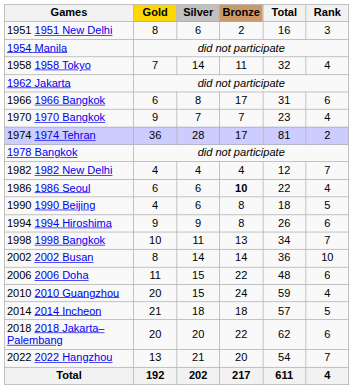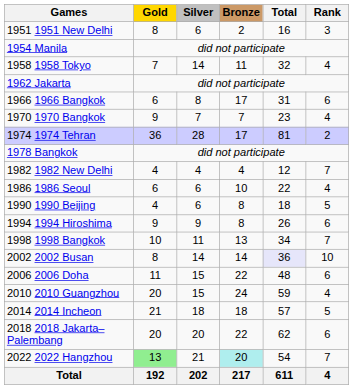 <table class="wikitable sortable" style="text-align:center;">
 <tr>
 <th width=180>Games</th>
 <th scope="col" style="background:gold; width:55px;">Gold</th>
 <th scope="col" style="background:silver; width:55px;">Silver</th>
 <th scope="col" style="background:#cc9966; width:55px;">Bronze</th>
 <th width=55>Total</th>
 <th width=55>Rank</th>
 </tr>
 <tr>
 <td align=left><span>1951</span> <a href='#'>1951 New Delhi</a></td>
 <td>8</td>
 <td>6</td>
 <td>2</td>
 <td>16</td>
 <td>3</td>
 </tr>
 <tr class="sortbottom">
 <td align=left> <a href='#'>1954 Manila</a></td>
 <td colspan=5><em>did not participate</em></td>
 </tr>
 <tr>
 <td align=left><span>1958</span> <a href='#'>1958 Tokyo</a></td>
 <td>7</td>
 <td>14</td>
 <td>11</td>
 <td>32</td>
 <td>4</td>
 </tr>
 <tr class="sortbottom">
 <td align=left> <a href='#'>1962 Jakarta</a></td>
 <td colspan=5><em>did not participate</em></td>
 </tr>
 <tr>
 <td align=left><span>1966</span> <a href='#'>1966 Bangkok</a></td>
 <td>6</td>
 <td>8</td>
 <td>17</td>
 <td>31</td>
 <td>6</td>
 </tr>
 <tr>
 <td align=left><span>1970</span> <a href='#'>1970 Bangkok</a></td>
 <td>9</td>
 <td>7</td>
 <td>7</td>
 <td>23</td>
 <td>4</td>
 </tr>
 <tr style="background:#ccccff">
 <td align=left><span>1974</span> <a href='#'>1974 Tehran</a></td>
 <td>36</td>
 <td>28</td>
 <td>17</td>
 <td>81</td>
 <td>2</td>
 </tr>
 <tr class="sortbottom">
 <td align=left> <a href='#'>1978 Bangkok</a></td>
 <td colspan=5><em>did not participate</em></td>
 </tr>
 <tr>
 <td align=left><span>1982</span> <a href='#'>1982 New Delhi</a></td>
 <td>4</td>
 <td>4</td>
 <td>4</td>
 <td>12</td>
 <td>7</td>
 </tr>
 <tr>
 <td align=left><span>1986</span> <a href='#'>1986 Seoul</a></td>
 <td>6</td>
 <td>6</td>
-<td><strong>10</strong></td>
+<td>10</td>
 <td>22</td>
 <td>4</td>
 </tr>
 <tr>
 <td align=left><span>1990</span> <a href='#'>1990 Beijing</a></td>
 <td>4</td>
 <td>6</td>
 <td>8</td>
 <td>18</td>
 <td>5</td>
 </tr>
 <tr>
 <td align=left><span>1994</span> <a href='#'>1994 Hiroshima</a></td>
 <td>9</td>
 <td>9</td>
 <td>8</td>
 <td>26</td>
 <td>6</td>
 </tr>
 <tr>
 <td align=left><span>1998</span> <a href='#'>1998 Bangkok</a></td>
 <td>10</td>
 <td>11</td>
 <td>13</td>
 <td>34</td>
 <td>7</td>
 </tr>
 <tr>
 <td align=left><span>2002</span> <a href='#'>2002 Busan</a></td>
 <td>8</td>
 <td>14</td>
 <td>14</td>
-<td>36</td>
+<td style="background: lavender;">36</td>
 <td>10</td>
 </tr>
 <tr>
 <td align=left><span>2006</span> <a href='#'>2006 Doha</a></td>
 <td>11</td>
 <td>15</td>
 <td>22</td>
 <td>48</td>
 <td>6</td>
 </tr>
 <tr>
 <td align=left><span>2010</span> <a href='#'>2010 Guangzhou</a></td>
 <td>20</td>
 <td>15</td>
 <td>24</td>
 <td>59</td>
 <td>4</td>
 </tr>
 <tr>
 <td align=left><span>2014</span> <a href='#'>2014 Incheon</a></td>
 <td>21</td>
 <td>18</td>
 <td>18</td>
 <td>57</td>
 <td>5</td>
 </tr>
 <tr>
 <td align=left><span>2018</span> <a href='#'>2018 Jakarta–Palembang</a></td>
 <td>20</td>
 <td>20</td>
 <td>22</td>
 <td>62</td>
 <td>6</td>
 </tr>
 <tr>
 <td align=left><span>2022</span> <a href='#'>2022 Hangzhou</a></td>
-<td>13</td>
+<td style="background: lightgreen;">13</td>
 <td>21</td>
-<td>20</td>
+<td style="background: paleturquoise;">20</td>
 <td>54</td>
 <td>7</td>
 </tr>
 <tr class="sortbottom">
 <th>Total</th>
 <th>192</th>
 <th>202</th>
 <th>217</th>
 <th>611</th>
 <th>4</th>
 </tr>
 </table>
